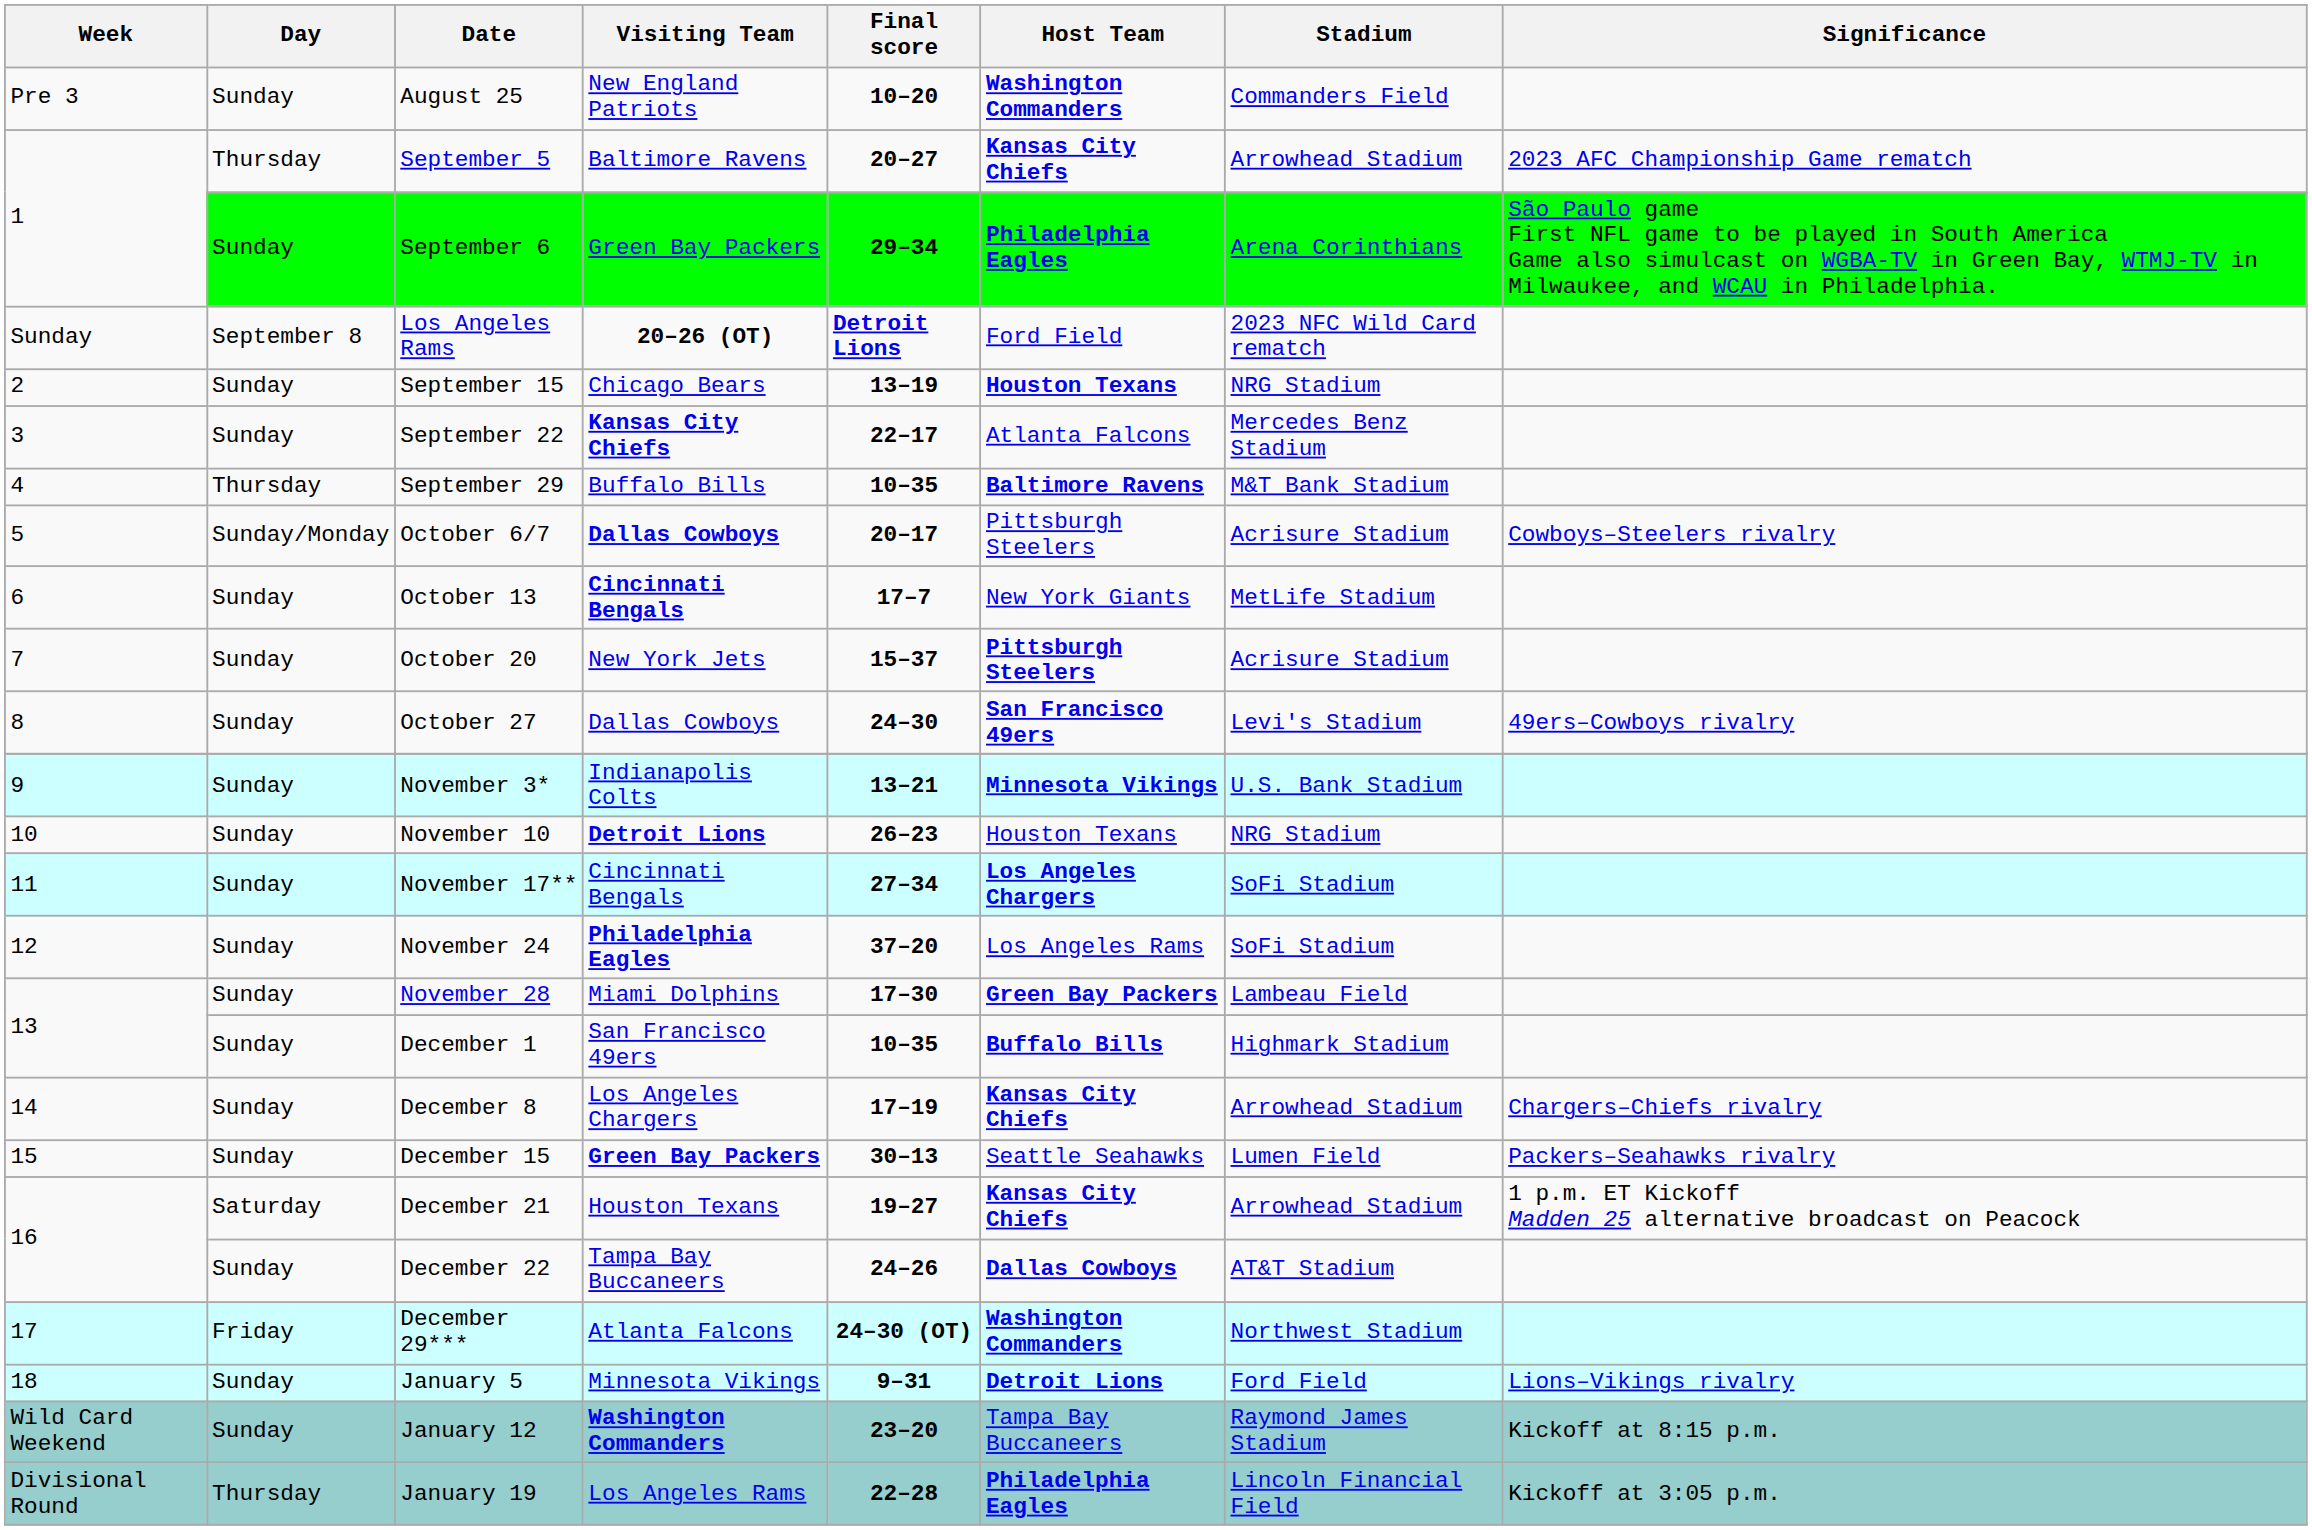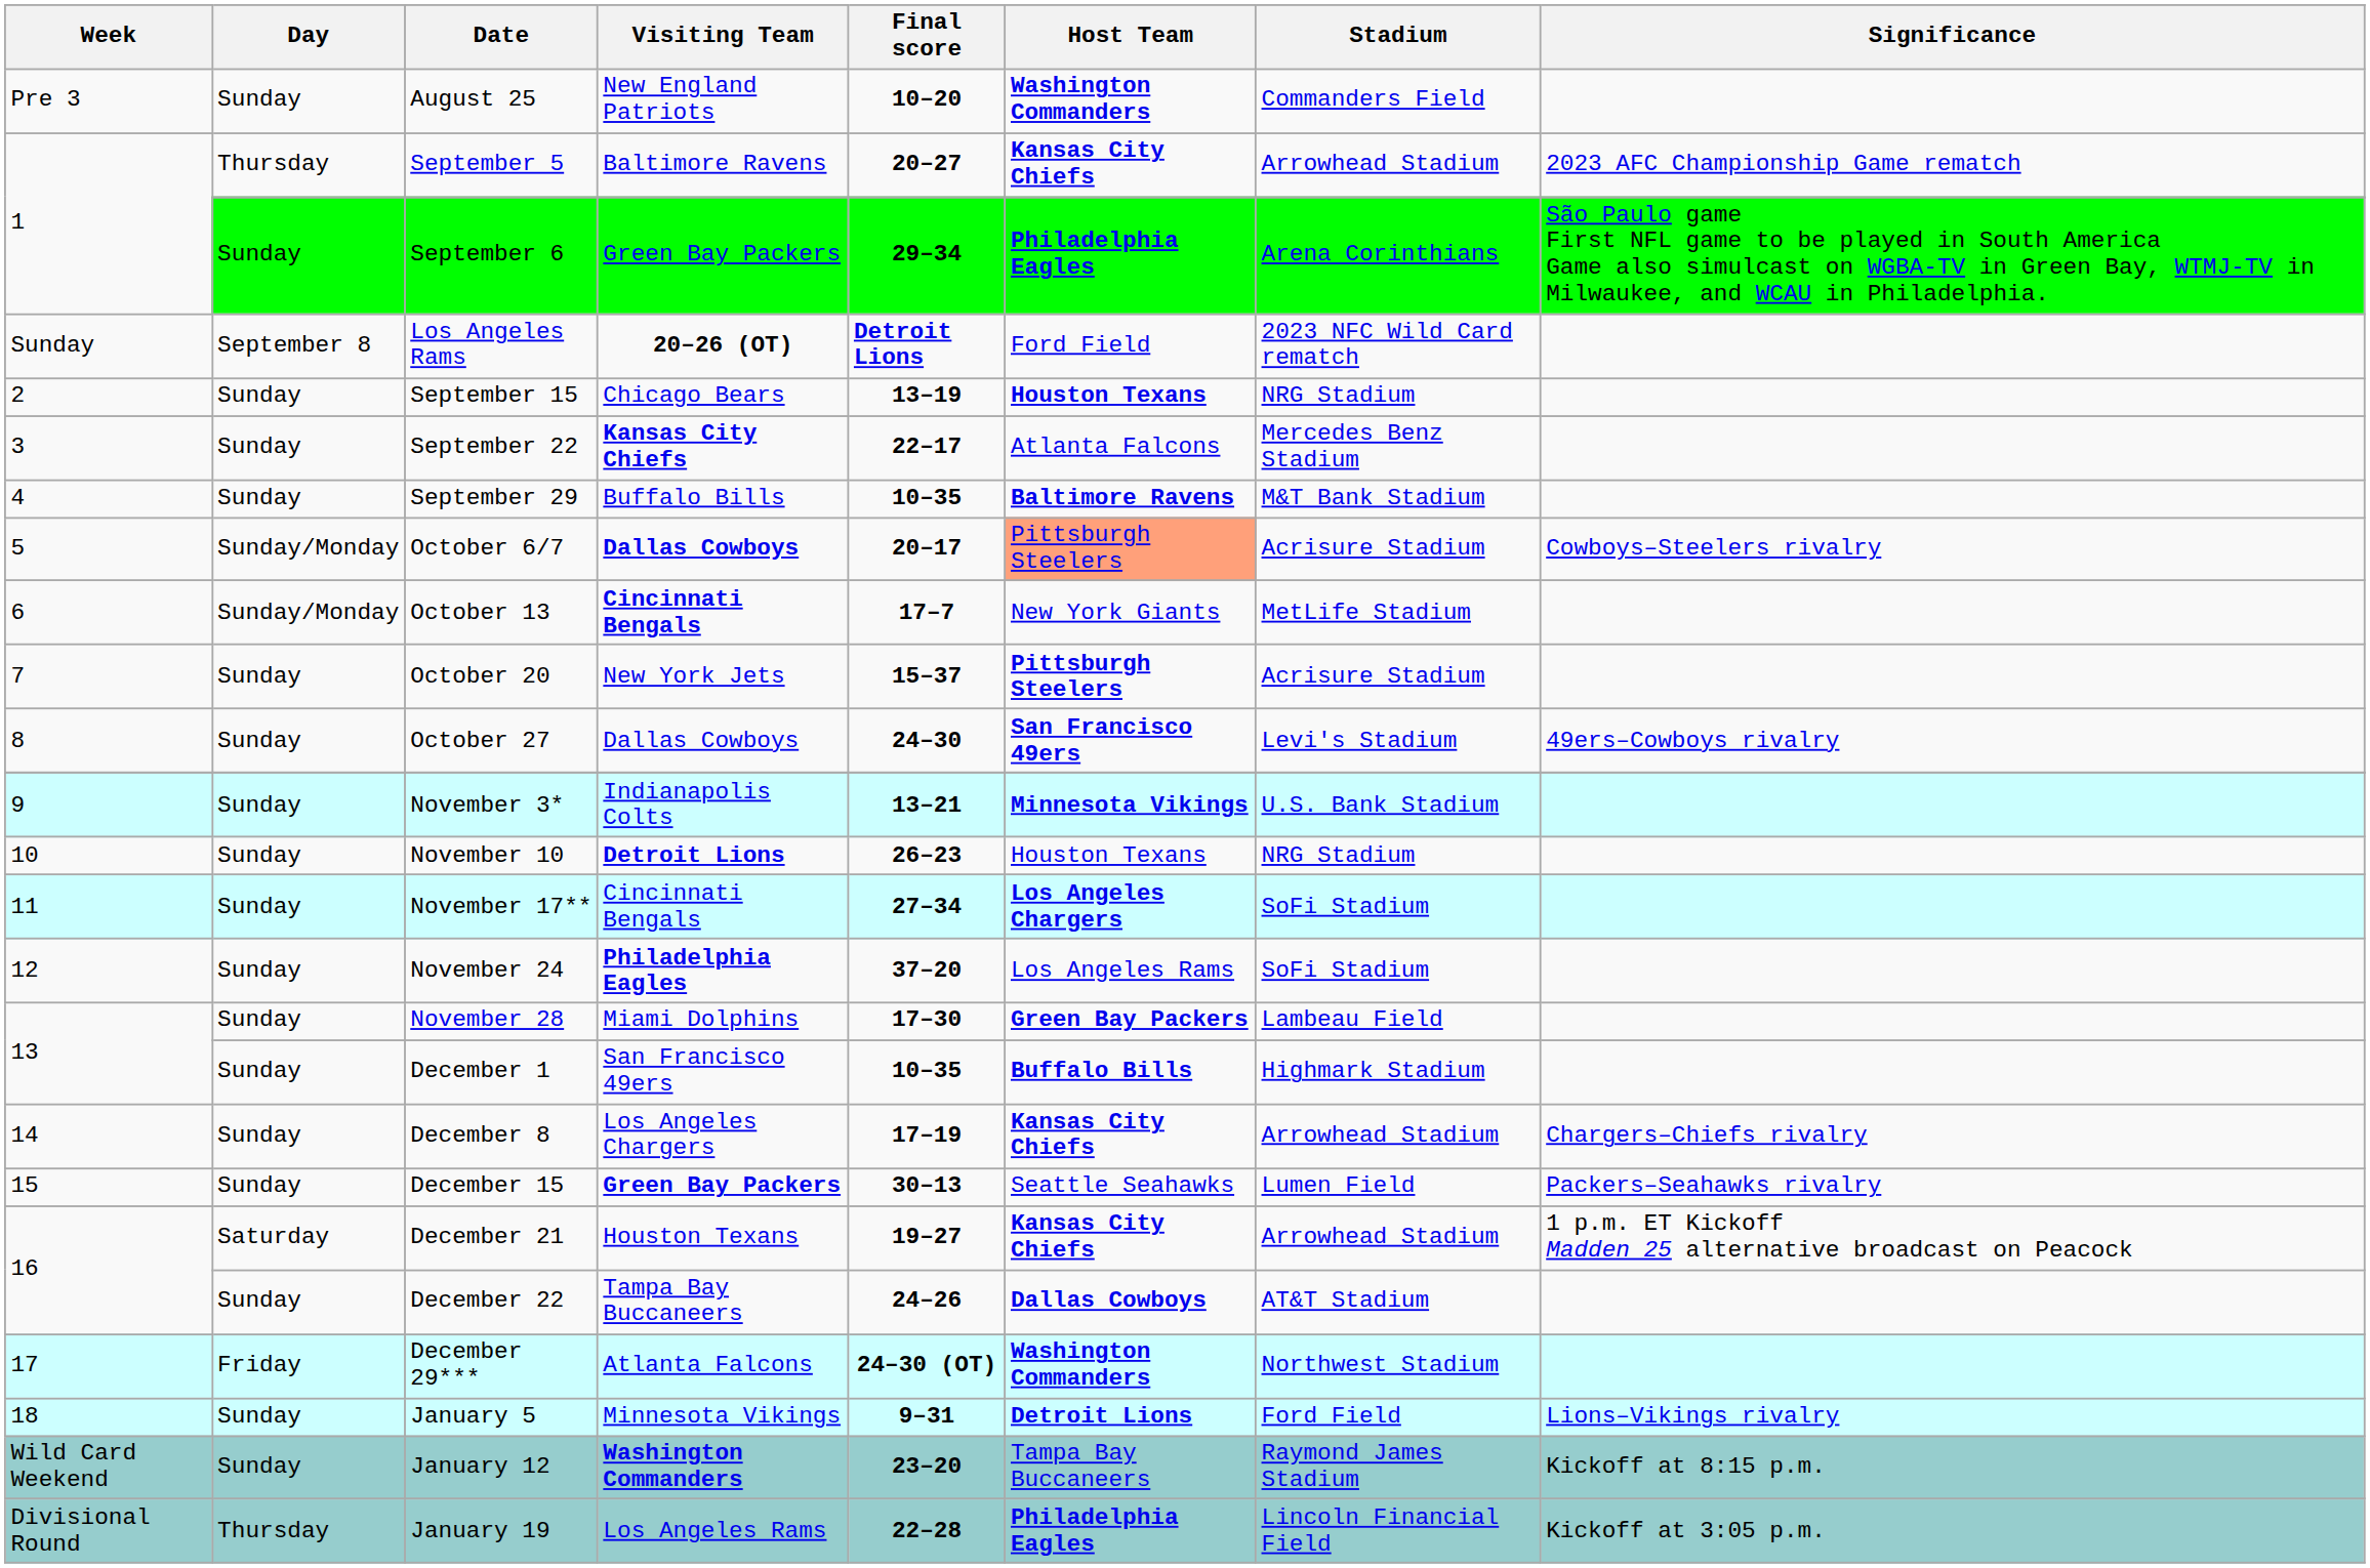 <table class="wikitable" style="font-size: 95%;">
 <tr>
 <th>Week</th>
 <th>Day</th>
 <th>Date</th>
 <th>Visiting Team</th>
 <th>Final score</th>
 <th>Host Team</th>
 <th>Stadium</th>
 <th>Significance</th>
 </tr>
 <tr>
 <td>Pre 3</td>
 <td>Sunday</td>
 <td>August 25</td>
 <td><a href='#'>New England Patriots</a></td>
 <td align="center"><strong>10–20</strong></td>
 <td><a href='#'><strong>Washington Commanders</strong></a></td>
 <td><a href='#'>Commanders Field</a></td>
 <td></td>
 </tr>
 <tr>
 <td rowspan="3">1</td>
 <td>Thursday</td>
 <td><a href='#'>September 5</a></td>
 <td><a href='#'>Baltimore Ravens</a></td>
 <td align="center"><strong>20–27</strong></td>
 <td><strong><a href='#'>Kansas City Chiefs</a></strong></td>
 <td><a href='#'>Arrowhead Stadium</a></td>
 <td><a href='#'>2023 AFC Championship Game rematch</a></td>
 </tr>
 <tr>
 </tr>
 <tr bgcolor="00ff00">
 <td>Sunday</td>
 <td>September 6</td>
 <td><a href='#'>Green Bay Packers</a></td>
 <td align="center"><strong>29–34</strong></td>
 <td><strong><a href='#'>Philadelphia Eagles</a></strong></td>
 <td><a href='#'>Arena Corinthians</a></td>
 <td><a href='#'>São Paulo</a> game<br>First NFL game to be played in South America<br>Game also simulcast on <a href='#'>WGBA-TV</a> in Green Bay, <a href='#'>WTMJ-TV</a> in Milwaukee, and <a href='#'>WCAU</a> in Philadelphia.</td>
 </tr>
 <tr>
 <td>Sunday</td>
 <td>September 8</td>
 <td><a href='#'>Los Angeles Rams</a></td>
 <td align="center"><strong>20–26</strong> <strong>(OT)</strong></td>
 <td><strong><a href='#'>Detroit Lions</a></strong></td>
 <td><a href='#'>Ford Field</a></td>
 <td><a href='#'>2023 NFC Wild Card rematch</a></td>
 </tr>
 <tr>
 <td>2</td>
 <td>Sunday</td>
 <td>September 15</td>
 <td><a href='#'>Chicago Bears</a></td>
 <td align="center"><strong>13–19</strong></td>
 <td><strong><a href='#'>Houston Texans</a></strong></td>
 <td><a href='#'>NRG Stadium</a></td>
 <td></td>
 </tr>
 <tr>
 <td>3</td>
 <td>Sunday</td>
 <td>September 22</td>
 <td><strong><a href='#'>Kansas City Chiefs</a></strong></td>
 <td align="center"><strong>22–17</strong></td>
 <td><a href='#'>Atlanta Falcons</a></td>
 <td><a href='#'>Mercedes Benz Stadium</a></td>
 <td></td>
 </tr>
 <tr>
 <td>4</td>
-<td>Thursday</td>
+<td>Sunday</td>
 <td>September 29</td>
 <td><a href='#'>Buffalo Bills</a></td>
 <td align="center"><strong>10–35</strong></td>
 <td><strong><a href='#'>Baltimore Ravens</a></strong></td>
 <td><a href='#'>M&T Bank Stadium</a></td>
 <td></td>
 </tr>
 <tr>
 <td>5</td>
 <td>Sunday/Monday</td>
 <td>October 6/7</td>
 <td><strong><a href='#'>Dallas Cowboys</a></strong></td>
 <td align="center"><strong>20–17</strong></td>
-<td><a href='#'>Pittsburgh Steelers</a></td>
+<td style="background: lightsalmon;"><a href='#'>Pittsburgh Steelers</a></td>
 <td><a href='#'>Acrisure Stadium</a></td>
 <td><a href='#'>Cowboys–Steelers rivalry</a></td>
 </tr>
 <tr>
 <td>6</td>
-<td>Sunday</td>
+<td>Sunday/Monday</td>
 <td>October 13</td>
 <td><strong><a href='#'>Cincinnati Bengals</a></strong></td>
 <td align="center"><strong>17–7</strong></td>
 <td><a href='#'>New York Giants</a></td>
 <td><a href='#'>MetLife Stadium</a></td>
 <td></td>
 </tr>
 <tr>
 <td>7</td>
 <td>Sunday</td>
 <td>October 20</td>
 <td><a href='#'>New York Jets</a></td>
 <td align="center"><strong>15–37</strong></td>
 <td><strong><a href='#'>Pittsburgh Steelers</a></strong></td>
 <td><a href='#'>Acrisure Stadium</a></td>
 <td></td>
 </tr>
 <tr>
 <td>8</td>
 <td>Sunday</td>
 <td>October 27</td>
 <td><a href='#'>Dallas Cowboys</a></td>
 <td align="center"><strong>24–30</strong></td>
 <td><strong><a href='#'>San Francisco 49ers</a></strong></td>
 <td><a href='#'>Levi's Stadium</a></td>
 <td><a href='#'>49ers–Cowboys rivalry</a></td>
 </tr>
 <tr>
 </tr>
 <tr bgcolor="#ccffff">
 <td>9</td>
 <td>Sunday</td>
 <td>November 3*</td>
 <td><a href='#'>Indianapolis Colts</a></td>
 <td align="center"><strong>13–21</strong></td>
 <td><strong><a href='#'>Minnesota Vikings</a></strong></td>
 <td><a href='#'>U.S. Bank Stadium</a></td>
 <td></td>
 </tr>
 <tr>
 <td>10</td>
 <td>Sunday</td>
 <td>November 10</td>
 <td><strong><a href='#'>Detroit Lions</a></strong></td>
 <td align="center"><strong>26–23</strong></td>
 <td><a href='#'>Houston Texans</a></td>
 <td><a href='#'>NRG Stadium</a></td>
 <td></td>
 </tr>
 <tr bgcolor="#ccffff">
 <td>11</td>
 <td>Sunday</td>
 <td>November 17**</td>
 <td><a href='#'>Cincinnati Bengals</a></td>
 <td align="center"><strong>27–34</strong></td>
 <td><strong><a href='#'>Los Angeles Chargers</a></strong></td>
 <td><a href='#'>SoFi Stadium</a></td>
 <td></td>
 </tr>
 <tr>
 <td>12</td>
 <td>Sunday</td>
 <td>November 24</td>
 <td><strong><a href='#'>Philadelphia Eagles</a></strong></td>
 <td align="center"><strong>37–20</strong></td>
 <td><a href='#'>Los Angeles Rams</a></td>
 <td><a href='#'>SoFi Stadium</a></td>
 <td></td>
 </tr>
 <tr>
 <td rowspan="2">13</td>
 <td>Sunday</td>
 <td><a href='#'>November 28</a></td>
 <td><a href='#'>Miami Dolphins</a></td>
 <td align="center"><strong>17–30</strong></td>
 <td><strong><a href='#'>Green Bay Packers</a></strong></td>
 <td><a href='#'>Lambeau Field</a></td>
 <td></td>
 </tr>
 <tr>
 <td>Sunday</td>
 <td>December 1</td>
 <td><a href='#'>San Francisco 49ers</a></td>
 <td align="center"><strong>10–35</strong></td>
 <td><strong><a href='#'>Buffalo Bills</a></strong></td>
 <td><a href='#'>Highmark Stadium</a></td>
 <td></td>
 </tr>
 <tr>
 <td>14</td>
 <td>Sunday</td>
 <td>December 8</td>
 <td><a href='#'>Los Angeles Chargers</a></td>
 <td align="center"><strong>17–19</strong></td>
 <td><strong><a href='#'>Kansas City Chiefs</a></strong></td>
 <td><a href='#'>Arrowhead Stadium</a></td>
 <td><a href='#'>Chargers–Chiefs rivalry</a></td>
 </tr>
 <tr>
 <td>15</td>
 <td>Sunday</td>
 <td>December 15</td>
 <td><strong><a href='#'>Green Bay Packers</a></strong></td>
 <td align="center"><strong>30–13</strong></td>
 <td><a href='#'>Seattle Seahawks</a></td>
 <td><a href='#'>Lumen Field</a></td>
 <td><a href='#'>Packers–Seahawks rivalry</a></td>
 </tr>
 <tr>
 <td rowspan="2">16</td>
 <td>Saturday</td>
 <td>December 21</td>
 <td><a href='#'>Houston Texans</a></td>
 <td align="center"><strong>19–27</strong></td>
 <td><strong><a href='#'>Kansas City Chiefs</a></strong></td>
 <td><a href='#'>Arrowhead Stadium</a></td>
 <td>1 p.m. ET Kickoff<br><em><a href='#'>Madden 25</a></em> alternative broadcast on Peacock</td>
 </tr>
 <tr>
 <td>Sunday</td>
 <td>December 22</td>
 <td><a href='#'>Tampa Bay Buccaneers</a></td>
 <td align="center"><strong>24–26</strong></td>
 <td><strong><a href='#'>Dallas Cowboys</a></strong></td>
 <td><a href='#'>AT&T Stadium</a></td>
 <td></td>
 </tr>
 <tr bgcolor="#ccffff">
 <td>17</td>
 <td>Friday</td>
 <td>December 29***</td>
 <td><a href='#'>Atlanta Falcons</a></td>
 <td align="center"><strong>24–30</strong> <strong>(OT)</strong></td>
 <td><strong><a href='#'>Washington Commanders</a></strong></td>
 <td><a href='#'>Northwest Stadium</a></td>
 <td></td>
 </tr>
 <tr bgcolor="#ccffff">
 <td>18</td>
 <td>Sunday</td>
 <td>January 5</td>
 <td><a href='#'>Minnesota Vikings</a></td>
 <td align="center"><strong>9–31</strong></td>
 <td><strong><a href='#'>Detroit Lions</a></strong></td>
 <td><a href='#'>Ford Field</a></td>
 <td><a href='#'>Lions–Vikings rivalry</a></td>
 </tr>
 <tr bgcolor="96cdcd">
 <td>Wild Card Weekend</td>
 <td>Sunday</td>
 <td>January 12</td>
 <td><strong><a href='#'>Washington Commanders</a></strong></td>
 <td align="center"><strong>23–20</strong></td>
 <td><a href='#'>Tampa Bay Buccaneers</a></td>
 <td><a href='#'>Raymond James Stadium</a></td>
 <td>Kickoff at 8:15 p.m.</td>
 </tr>
 <tr bgcolor="96cdcd">
 <td>Divisional Round</td>
 <td>Thursday</td>
 <td>January 19</td>
 <td><a href='#'>Los Angeles Rams</a></td>
 <td align="center"><strong>22–28</strong></td>
 <td><strong><a href='#'>Philadelphia Eagles</a></strong></td>
 <td><a href='#'>Lincoln Financial Field</a></td>
 <td>Kickoff at 3:05 p.m.</td>
 </tr>
 </table>
